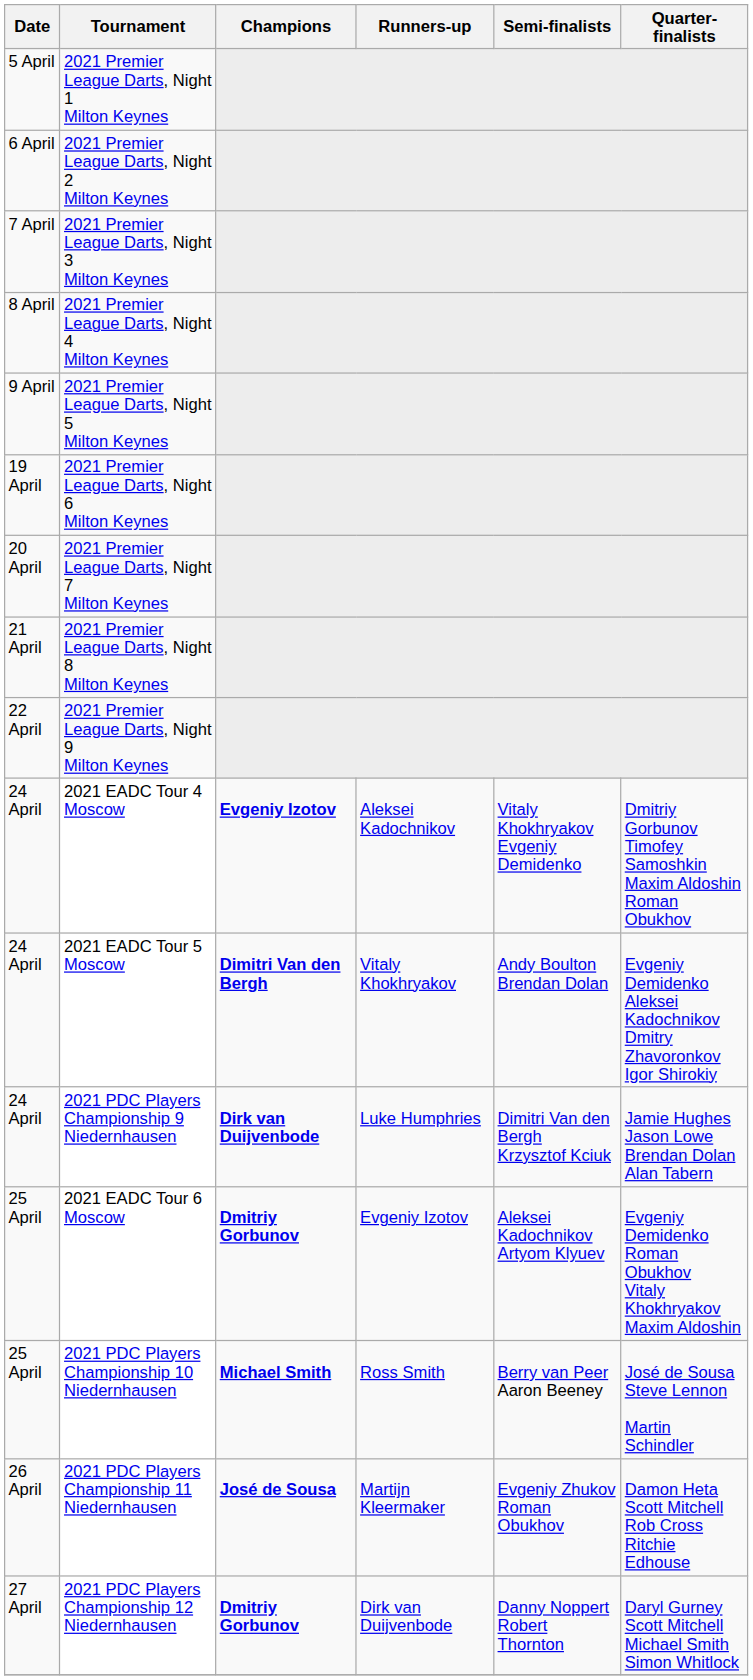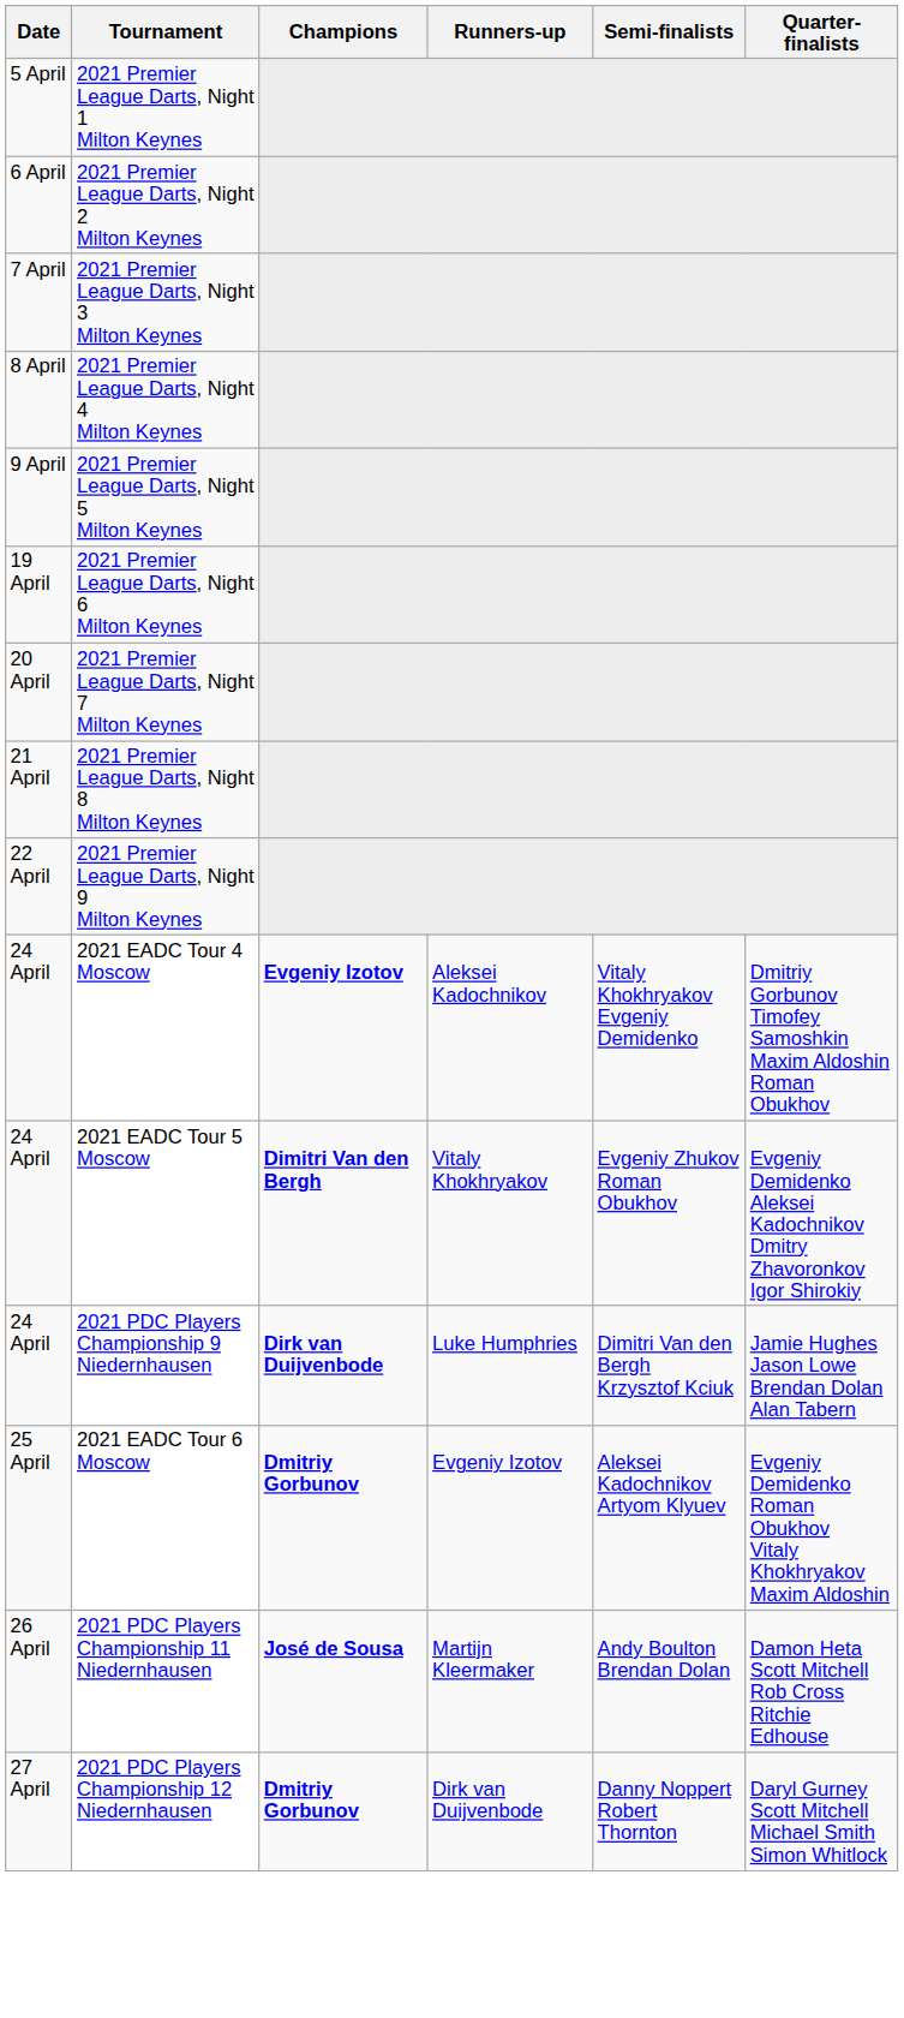 <table class=wikitable style=font-size:85%>
 <tr>
 <th width=75>Date</th>
 <th width=230>Tournament</th>
 <th width=210>Champions</th>
 <th width=210>Runners-up</th>
 <th width=170>Semi-finalists</th>
 <th width=170>Quarter-finalists</th>
 </tr>
 <tr valign="top">
 <td rowspan=1>5 April</td>
 <td><a href='#'>2021 Premier League Darts</a>, Night 1<br> <a href='#'>Milton Keynes</a></td>
 <td colspan=4 bgcolor="#ededed"></td>
 </tr>
 <tr valign="top">
 <td rowspan=1>6 April</td>
 <td><a href='#'>2021 Premier League Darts</a>, Night 2<br> <a href='#'>Milton Keynes</a></td>
 <td colspan=4 bgcolor="#ededed"></td>
 </tr>
 <tr valign="top">
 <td rowspan=1>7 April</td>
 <td><a href='#'>2021 Premier League Darts</a>, Night 3<br> <a href='#'>Milton Keynes</a></td>
 <td colspan=4 bgcolor="#ededed"></td>
 </tr>
 <tr valign="top">
 <td rowspan=1>8 April</td>
 <td><a href='#'>2021 Premier League Darts</a>, Night 4<br> <a href='#'>Milton Keynes</a></td>
 <td colspan=4 bgcolor="#ededed"></td>
 </tr>
 <tr valign="top">
 <td rowspan=1>9 April</td>
 <td><a href='#'>2021 Premier League Darts</a>, Night 5<br> <a href='#'>Milton Keynes</a></td>
 <td colspan=4 bgcolor="#ededed"></td>
 </tr>
 <tr valign="top">
 <td rowspan=1>19 April</td>
 <td><a href='#'>2021 Premier League Darts</a>, Night 6<br> <a href='#'>Milton Keynes</a></td>
 <td colspan=4 bgcolor="#ededed"></td>
 </tr>
 <tr valign="top">
 <td rowspan=1>20 April</td>
 <td><a href='#'>2021 Premier League Darts</a>, Night 7<br> <a href='#'>Milton Keynes</a></td>
 <td colspan=4 bgcolor="#ededed"></td>
 </tr>
 <tr valign="top">
 <td rowspan=1>21 April</td>
 <td><a href='#'>2021 Premier League Darts</a>, Night 8<br> <a href='#'>Milton Keynes</a></td>
 <td colspan=4 bgcolor="#ededed"></td>
 </tr>
 <tr valign="top">
 <td rowspan=1>22 April</td>
 <td><a href='#'>2021 Premier League Darts</a>, Night 9<br> <a href='#'>Milton Keynes</a></td>
 <td colspan=4 bgcolor="#ededed"></td>
 </tr>
 <tr valign="top">
 <td>24 April</td>
 <td bgcolor="#ffffff">2021 EADC Tour 4<br> <a href='#'>Moscow</a></td>
 <td><br> <strong><a href='#'>Evgeniy Izotov</a></strong></td>
 <td><br> <a href='#'>Aleksei Kadochnikov</a></td>
 <td><br> <a href='#'>Vitaly Khokhryakov</a> <br>  <a href='#'>Evgeniy Demidenko</a></td>
 <td><br> <a href='#'>Dmitriy Gorbunov</a> <br>  <a href='#'>Timofey Samoshkin</a> <br>  <a href='#'>Maxim Aldoshin</a> <br>  <a href='#'>Roman Obukhov</a></td>
 </tr>
 <tr valign="top">
 <td>24 April</td>
 <td bgcolor="#ffffff">2021 EADC Tour 5<br> <a href='#'>Moscow</a></td>
 <td><br> <strong><a href='#'>Dimitri Van den Bergh</a></strong></td>
 <td><br> <a href='#'>Vitaly Khokhryakov</a></td>
-<td><br> <a href='#'>Andy Boulton</a> <br>  <a href='#'>Brendan Dolan</a></td>
+<td><br> <a href='#'>Evgeniy Zhukov</a> <br>  <a href='#'>Roman Obukhov</a></td>
 <td><br> <a href='#'>Evgeniy Demidenko</a> <br>  <a href='#'>Aleksei Kadochnikov</a> <br>  <a href='#'>Dmitry Zhavoronkov</a> <br>  <a href='#'>Igor Shirokiy</a></td>
 </tr>
 <tr valign="top">
 <td>24 April</td>
 <td bgcolor="#ffffff"><a href='#'>2021 PDC Players Championship 9</a><br> <a href='#'>Niedernhausen</a></td>
 <td><br> <strong><a href='#'>Dirk van Duijvenbode</a></strong></td>
 <td><br> <a href='#'>Luke Humphries</a></td>
 <td><br> <a href='#'>Dimitri Van den Bergh</a> <br>  <a href='#'>Krzysztof Kciuk</a></td>
 <td><br> <a href='#'>Jamie Hughes</a> <br>  <a href='#'>Jason Lowe</a> <br>  <a href='#'>Brendan Dolan</a> <br>  <a href='#'>Alan Tabern</a></td>
 </tr>
 <tr valign="top">
 <td>25 April</td>
 <td bgcolor="#ffffff">2021 EADC Tour 6<br> <a href='#'>Moscow</a></td>
 <td><br> <strong><a href='#'>Dmitriy Gorbunov</a></strong></td>
 <td><br> <a href='#'>Evgeniy Izotov</a></td>
 <td><br> <a href='#'>Aleksei Kadochnikov</a> <br>  <a href='#'>Artyom Klyuev</a></td>
 <td><br> <a href='#'>Evgeniy Demidenko</a> <br>  <a href='#'>Roman Obukhov</a> <br>  <a href='#'>Vitaly Khokhryakov</a> <br>  <a href='#'>Maxim Aldoshin</a></td>
 </tr>
 <tr valign="top">
-<td>25 April</td>
-<td bgcolor="#ffffff"><a href='#'>2021 PDC Players Championship 10</a><br> <a href='#'>Niedernhausen</a></td>
-<td><br> <strong><a href='#'>Michael Smith</a></strong></td>
-<td><br> <a href='#'>Ross Smith</a></td>
-<td><br> <a href='#'>Berry van Peer</a> <br>  Aaron Beeney</td>
-<td><br> <a href='#'>José de Sousa</a> <br>  <a href='#'>Steve Lennon</a> <br>  <br>  <a href='#'>Martin Schindler</a></td>
-</tr>
-<tr valign="top">
 <td>26 April</td>
 <td bgcolor="#ffffff"><a href='#'>2021 PDC Players Championship 11</a><br> <a href='#'>Niedernhausen</a></td>
 <td><br> <strong><a href='#'>José de Sousa</a></strong></td>
 <td><br> <a href='#'>Martijn Kleermaker</a></td>
-<td><br> <a href='#'>Evgeniy Zhukov</a> <br>  <a href='#'>Roman Obukhov</a></td>
+<td><br> <a href='#'>Andy Boulton</a> <br>  <a href='#'>Brendan Dolan</a></td>
 <td><br> <a href='#'>Damon Heta</a> <br>  <a href='#'>Scott Mitchell</a> <br>  <a href='#'>Rob Cross</a> <br>  <a href='#'>Ritchie Edhouse</a></td>
 </tr>
 <tr valign="top">
 <td>27 April</td>
 <td bgcolor="#ffffff"><a href='#'>2021 PDC Players Championship 12</a><br> <a href='#'>Niedernhausen</a></td>
 <td><br> <strong><a href='#'>Dmitriy Gorbunov</a></strong></td>
 <td><br> <a href='#'>Dirk van Duijvenbode</a></td>
 <td><br> <a href='#'>Danny Noppert</a> <br>  <a href='#'>Robert Thornton</a></td>
 <td><br> <a href='#'>Daryl Gurney</a> <br>  <a href='#'>Scott Mitchell</a> <br>  <a href='#'>Michael Smith</a> <br>  <a href='#'>Simon Whitlock</a></td>
 </tr>
 <tr valign="top">
 </tr>
 </table>
